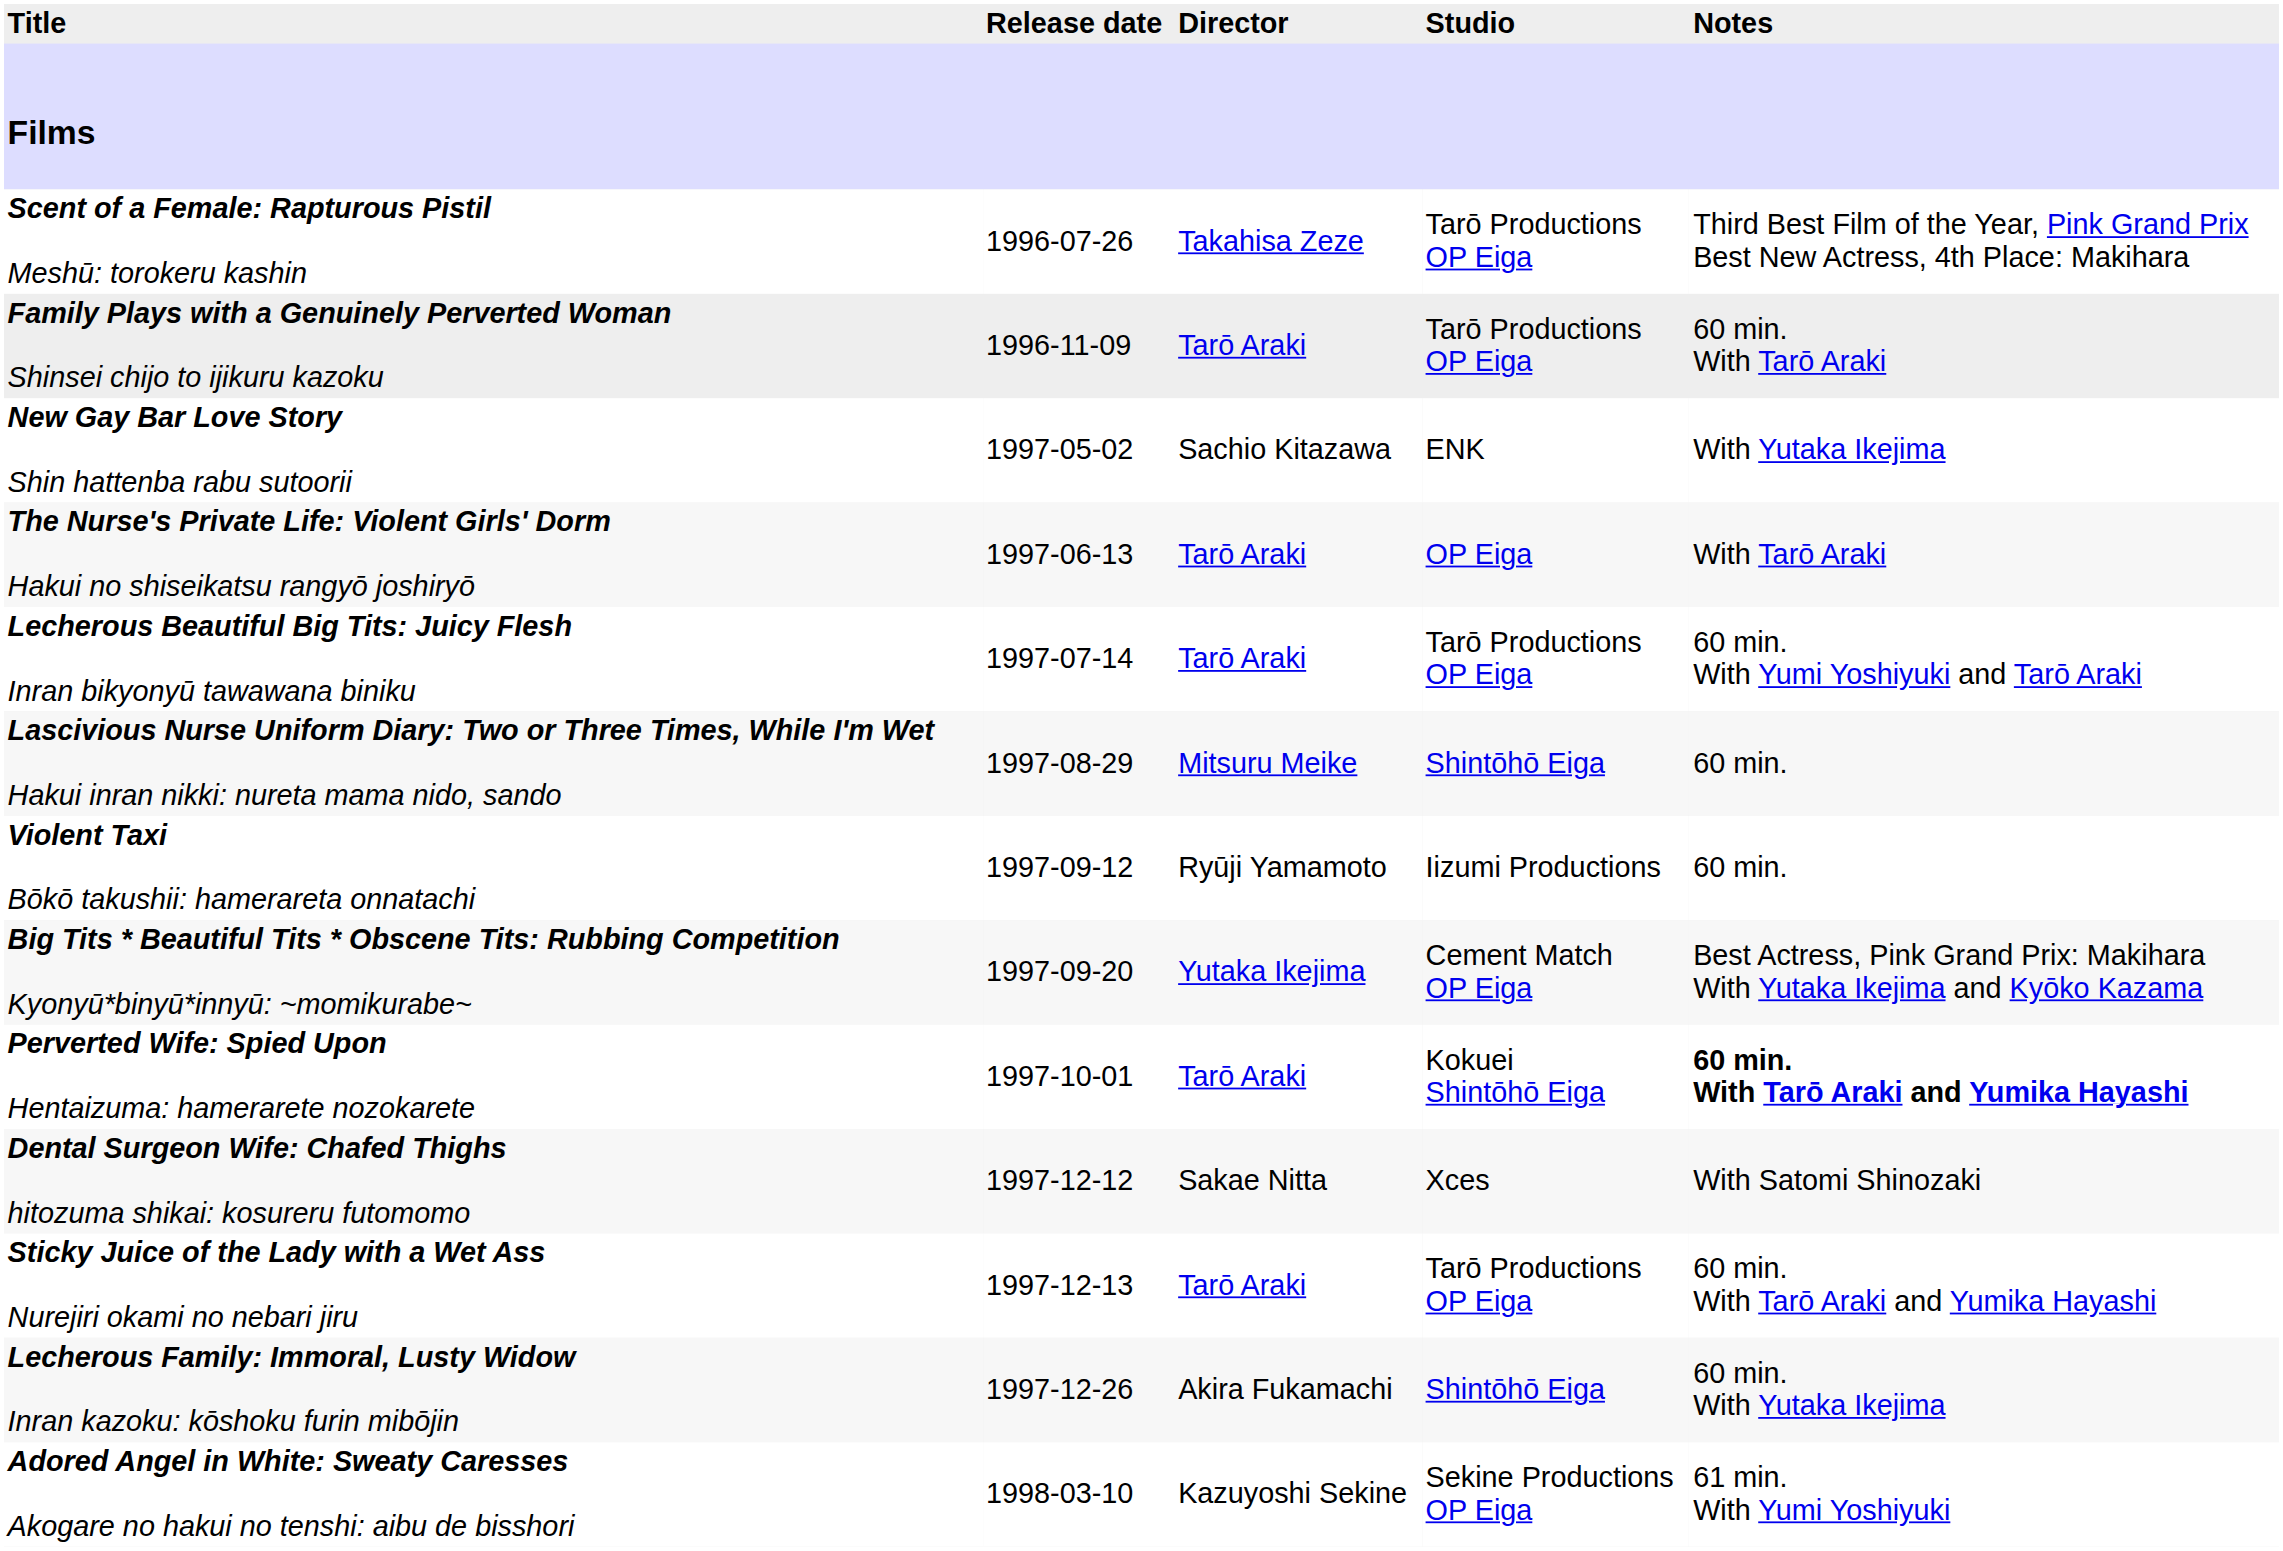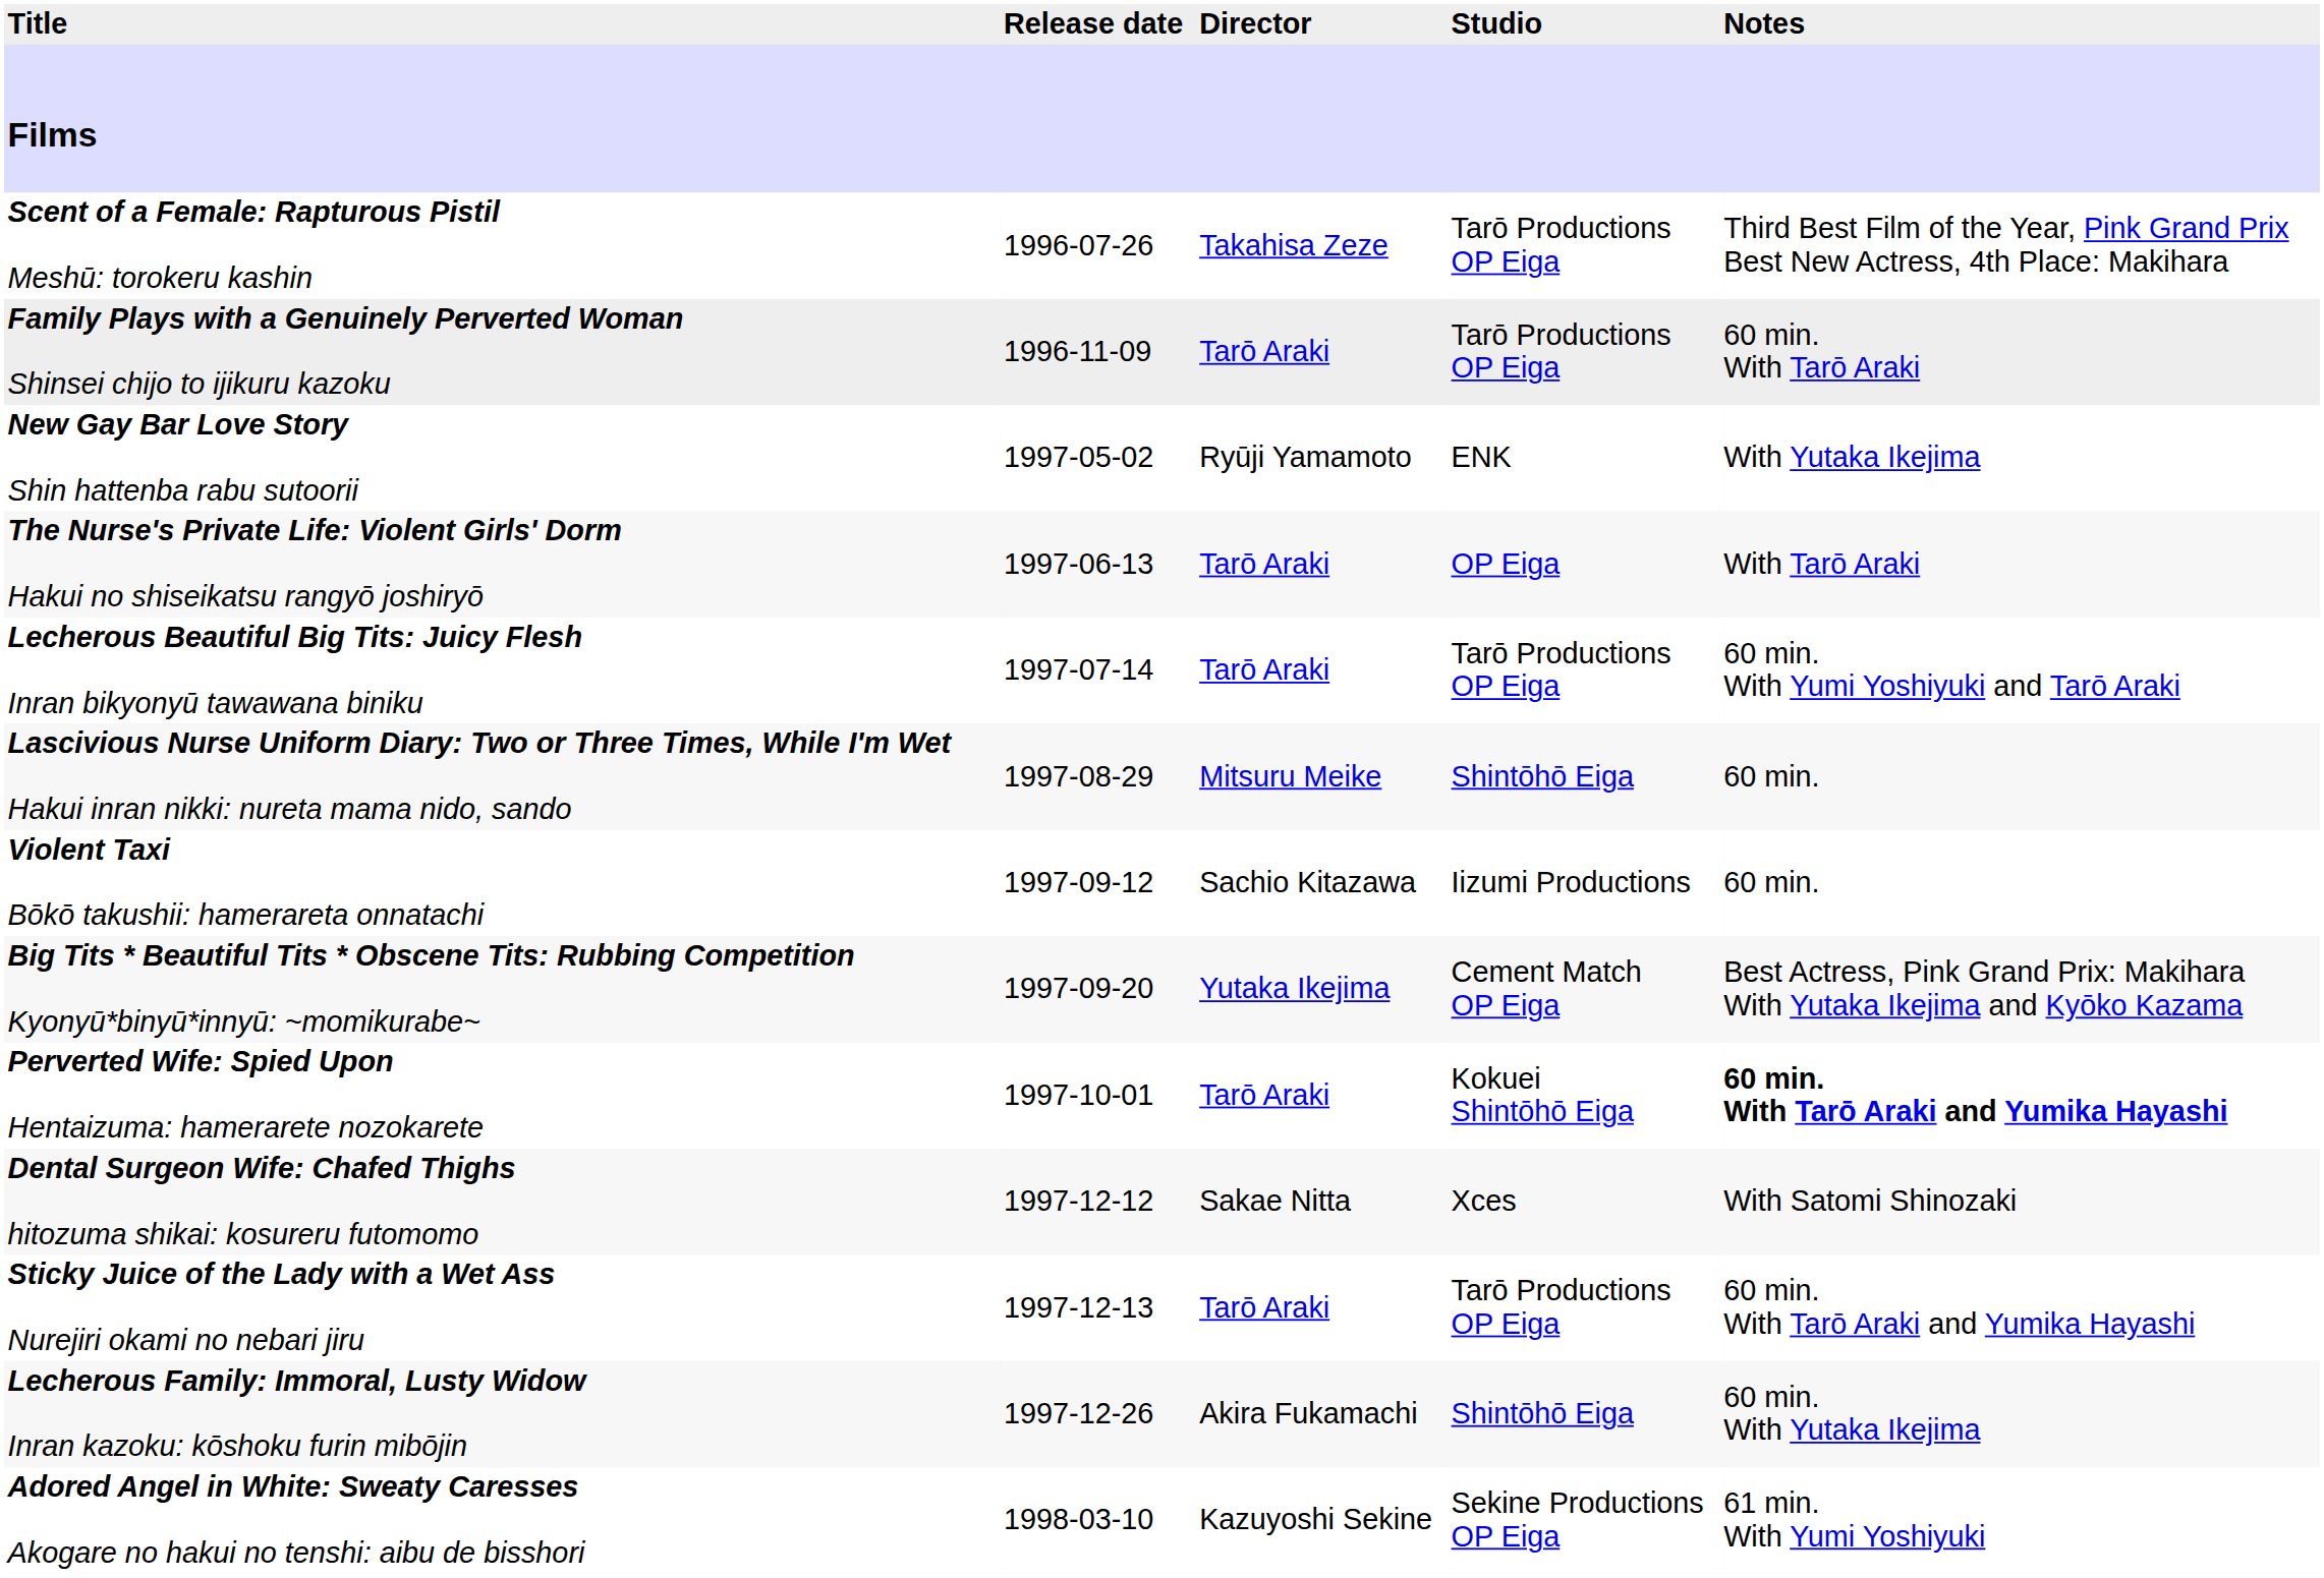 <table cellpadding=2 style="width:100%; text-align:left; border-width:0px; border-collapse:collapse; background:#eee;">
 <tr>
 <th>Title</th>
 <th>Release date</th>
 <th>Director</th>
 <th>Studio</th>
 <th>Notes</th>
 </tr>
 <tr>
 <td colspan=6 style=background-color:#ddf;><br><h3>Films</h3></td>
 </tr>
 <tr style=background:#fff;>
 <td><strong><em>Scent of a Female: Rapturous Pistil</em></strong><br><br><em>Meshū: torokeru kashin</em></td>
 <td>1996-07-26</td>
 <td><a href='#'>Takahisa Zeze</a></td>
 <td>Tarō Productions<br><a href='#'>OP Eiga</a></td>
 <td>Third Best Film of the Year, <a href='#'>Pink Grand Prix</a><br>Best New Actress, 4th Place: Makihara</td>
 </tr>
 <tr>
 <td><strong><em>Family Plays with a Genuinely Perverted Woman</em></strong><br><br><em>Shinsei chijo to ijikuru kazoku</em></td>
 <td>1996-11-09</td>
 <td><a href='#'>Tarō Araki</a></td>
 <td>Tarō Productions<br><a href='#'>OP Eiga</a></td>
 <td>60 min.<br>With <a href='#'>Tarō Araki</a></td>
 </tr>
 <tr style=background:#fff;>
 <td><strong><em>New Gay Bar Love Story</em></strong><br><br><em>Shin hattenba rabu sutoorii</em></td>
 <td>1997-05-02</td>
-<td>Sachio Kitazawa</td>
+<td>Ryūji Yamamoto</td>
 <td>ENK</td>
 <td>With <a href='#'>Yutaka Ikejima</a></td>
 </tr>
 <tr style=background:#f7f7f7;>
 <td><strong><em>The Nurse's Private Life: Violent Girls' Dorm</em></strong><br><br><em>Hakui no shiseikatsu rangyō joshiryō</em></td>
 <td>1997-06-13</td>
 <td><a href='#'>Tarō Araki</a></td>
 <td><a href='#'>OP Eiga</a></td>
 <td>With <a href='#'>Tarō Araki</a></td>
 </tr>
 <tr style=background:#fff;>
 <td><strong><em>Lecherous Beautiful Big Tits: Juicy Flesh</em></strong><br><br><em>Inran bikyonyū tawawana biniku</em></td>
 <td>1997-07-14</td>
 <td><a href='#'>Tarō Araki</a></td>
 <td>Tarō Productions<br><a href='#'>OP Eiga</a></td>
 <td>60 min.<br>With <a href='#'>Yumi Yoshiyuki</a> and <a href='#'>Tarō Araki</a></td>
 </tr>
 <tr style=background:#f7f7f7;>
 <td><strong><em>Lascivious Nurse Uniform Diary: Two or Three Times, While I'm Wet</em></strong><br><br><em>Hakui inran nikki: nureta mama nido, sando</em></td>
 <td>1997-08-29</td>
 <td><a href='#'>Mitsuru Meike</a></td>
 <td><a href='#'>Shintōhō Eiga</a></td>
 <td>60 min.</td>
 </tr>
 <tr style=background:#fff;>
 <td><strong><em>Violent Taxi</em></strong><br><br><em>Bōkō takushii: hamerareta onnatachi</em></td>
 <td>1997-09-12</td>
-<td>Ryūji Yamamoto</td>
+<td>Sachio Kitazawa</td>
 <td>Iizumi Productions</td>
 <td>60 min.</td>
 </tr>
 <tr style=background:#f7f7f7;>
 <td><strong><em>Big Tits * Beautiful Tits * Obscene Tits: Rubbing Competition</em></strong><br><br><em>Kyonyū*binyū*innyū: ~momikurabe~</em></td>
 <td>1997-09-20</td>
 <td><a href='#'>Yutaka Ikejima</a></td>
 <td>Cement Match<br><a href='#'>OP Eiga</a></td>
 <td>Best Actress, Pink Grand Prix: Makihara<br>With <a href='#'>Yutaka Ikejima</a> and <a href='#'>Kyōko Kazama</a></td>
 </tr>
 <tr style=background:#fff;>
 <td><strong><em>Perverted Wife: Spied Upon</em></strong><br><br><em>Hentaizuma: hamerarete nozokarete</em></td>
 <td>1997-10-01</td>
 <td><a href='#'>Tarō Araki</a></td>
 <td>Kokuei<br><a href='#'>Shintōhō Eiga</a></td>
 <td><strong>60 min.<br>With <a href='#'>Tarō Araki</a> and <a href='#'>Yumika Hayashi</a></strong></td>
 </tr>
 <tr style=background:#f7f7f7;>
 <td><strong><em>Dental Surgeon Wife: Chafed Thighs</em></strong><br><br><em>hitozuma shikai: kosureru futomomo</em></td>
 <td>1997-12-12</td>
 <td>Sakae Nitta</td>
 <td>Xces</td>
 <td>With Satomi Shinozaki</td>
 </tr>
 <tr style=background:#fff;>
 <td><strong><em>Sticky Juice of the Lady with a Wet Ass</em></strong><br><br><em>Nurejiri okami no nebari jiru</em></td>
 <td>1997-12-13</td>
 <td><a href='#'>Tarō Araki</a></td>
 <td>Tarō Productions<br><a href='#'>OP Eiga</a></td>
 <td>60 min.<br>With <a href='#'>Tarō Araki</a> and <a href='#'>Yumika Hayashi</a></td>
 </tr>
 <tr style=background:#f7f7f7;>
 <td><strong><em>Lecherous Family: Immoral, Lusty Widow</em></strong><br><br><em>Inran kazoku: kōshoku furin mibōjin</em></td>
 <td>1997-12-26</td>
 <td>Akira Fukamachi</td>
 <td><a href='#'>Shintōhō Eiga</a></td>
 <td>60 min.<br>With <a href='#'>Yutaka Ikejima</a></td>
 </tr>
 <tr style=background:#fff;>
 <td><strong><em>Adored Angel in White: Sweaty Caresses</em></strong><br><br><em>Akogare no hakui no tenshi: aibu de bisshori</em></td>
 <td>1998-03-10</td>
 <td>Kazuyoshi Sekine</td>
 <td>Sekine Productions<br><a href='#'>OP Eiga</a></td>
 <td>61 min.<br>With <a href='#'>Yumi Yoshiyuki</a></td>
 </tr>
 </table>
